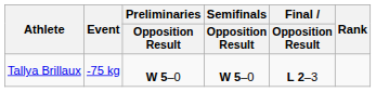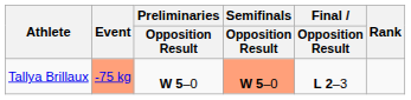 <table class="wikitable" style="font-size:90%;">
 <tr>
 <th rowspan=2>Athlete</th>
 <th rowspan=2>Event</th>
 <th>Preliminaries</th>
 <th>Semifinals</th>
 <th>Final / </th>
 <th rowspan=2>Rank</th>
 </tr>
 <tr style="font-size:95%">
 <th>Opposition<br>Result</th>
 <th>Opposition<br>Result</th>
 <th>Opposition<br>Result</th>
 </tr>
 <tr align=center>
 <td align=left><a href='#'>Tallya Brillaux</a></td>
-<td align=left><a href='#'>-75 kg</a></td>
+<td align=left style="background: lightsalmon;"><a href='#'>-75 kg</a></td>
 <td><br><strong>W</strong> <strong>5</strong>–0</td>
-<td><br><strong>W</strong> <strong>5</strong>–0</td>
+<td style="background: lightsalmon;"><br><strong>W</strong> <strong>5</strong>–0</td>
 <td><br><strong>L</strong> <strong>2</strong>–3</td>
 <td></td>
 </tr>
 </table>
